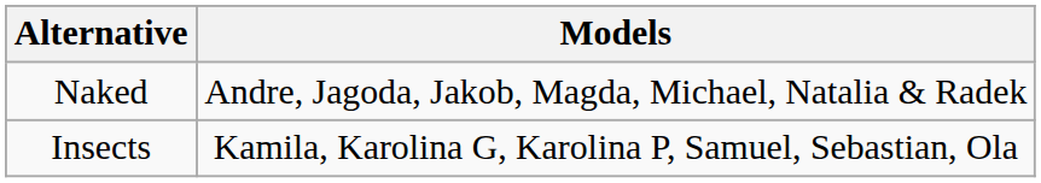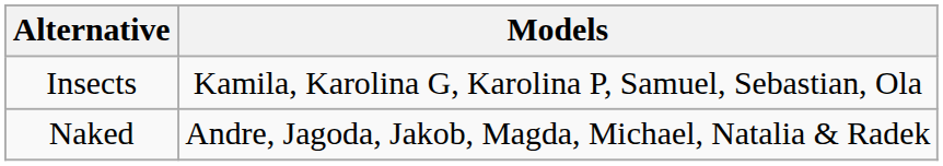 <table class="wikitable" style="text-align:center;">
 <tr>
 <th>Alternative</th>
 <th>Models</th>
 </tr>
 <tr>
+<td>Insects</td>
+<td>Kamila, Karolina G, Karolina P, Samuel, Sebastian, Ola</td>
+</tr>
+<tr>
 <td>Naked</td>
 <td>Andre, Jagoda, Jakob, Magda, Michael, Natalia & Radek</td>
 </tr>
-<tr>
-<td>Insects</td>
-<td>Kamila, Karolina G, Karolina P, Samuel, Sebastian, Ola</td>
-</tr>
 </table>
